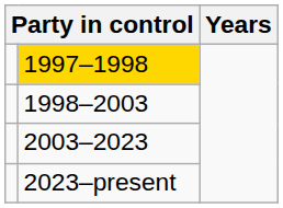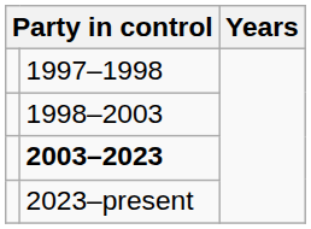 <table class="wikitable">
 <tr>
 <th colspan="2">Party in control</th>
 <th>Years</th>
 </tr>
 <tr>
 <td></td>
-<td style="background: gold;">1997–1998</td>
+<td>1997–1998</td>
 </tr>
 <tr>
 <td></td>
 <td>1998–2003</td>
 </tr>
 <tr>
 <td></td>
-<td>2003–2023</td>
+<td><strong>2003–2023</strong></td>
 </tr>
 <tr>
 <td></td>
 <td>2023–present</td>
 </tr>
 </table>
